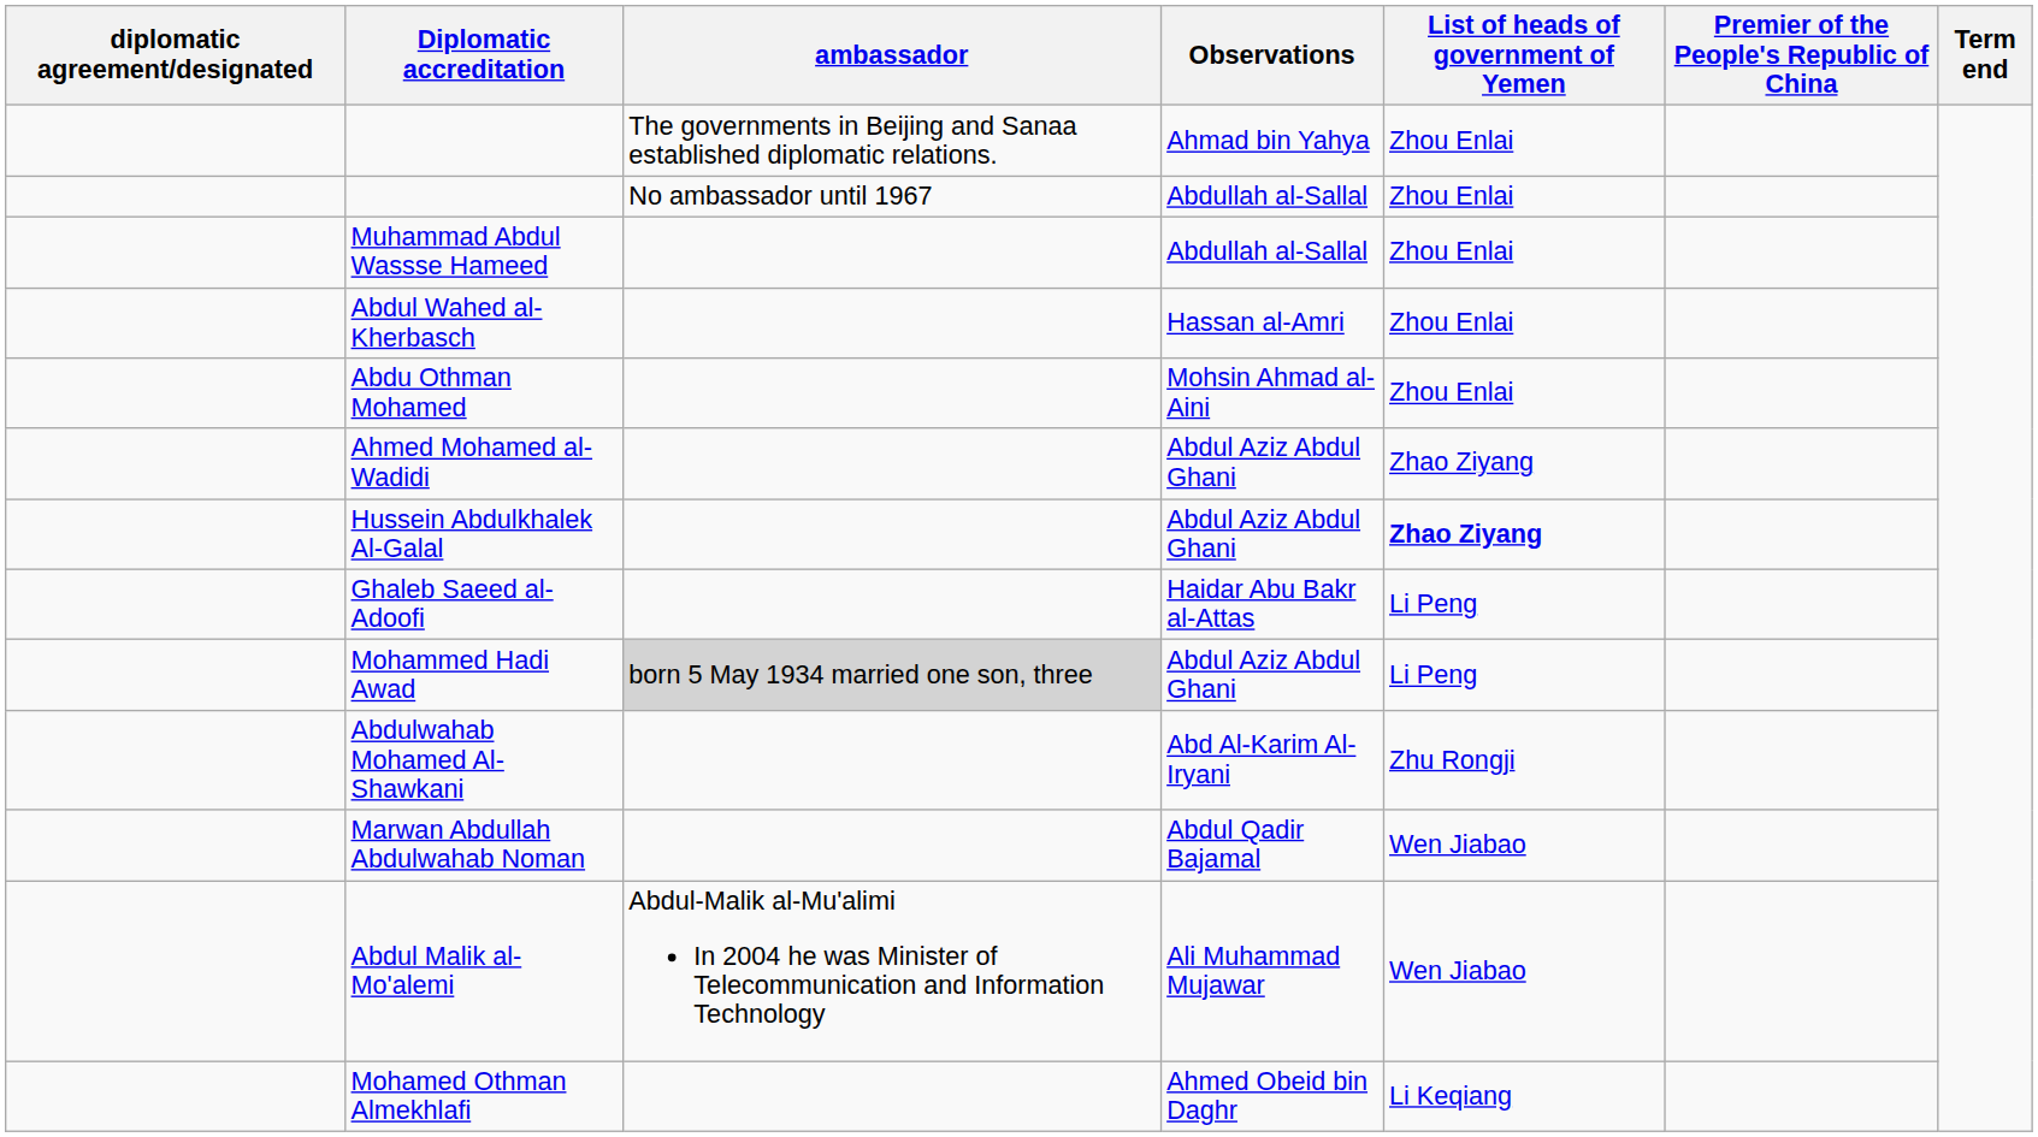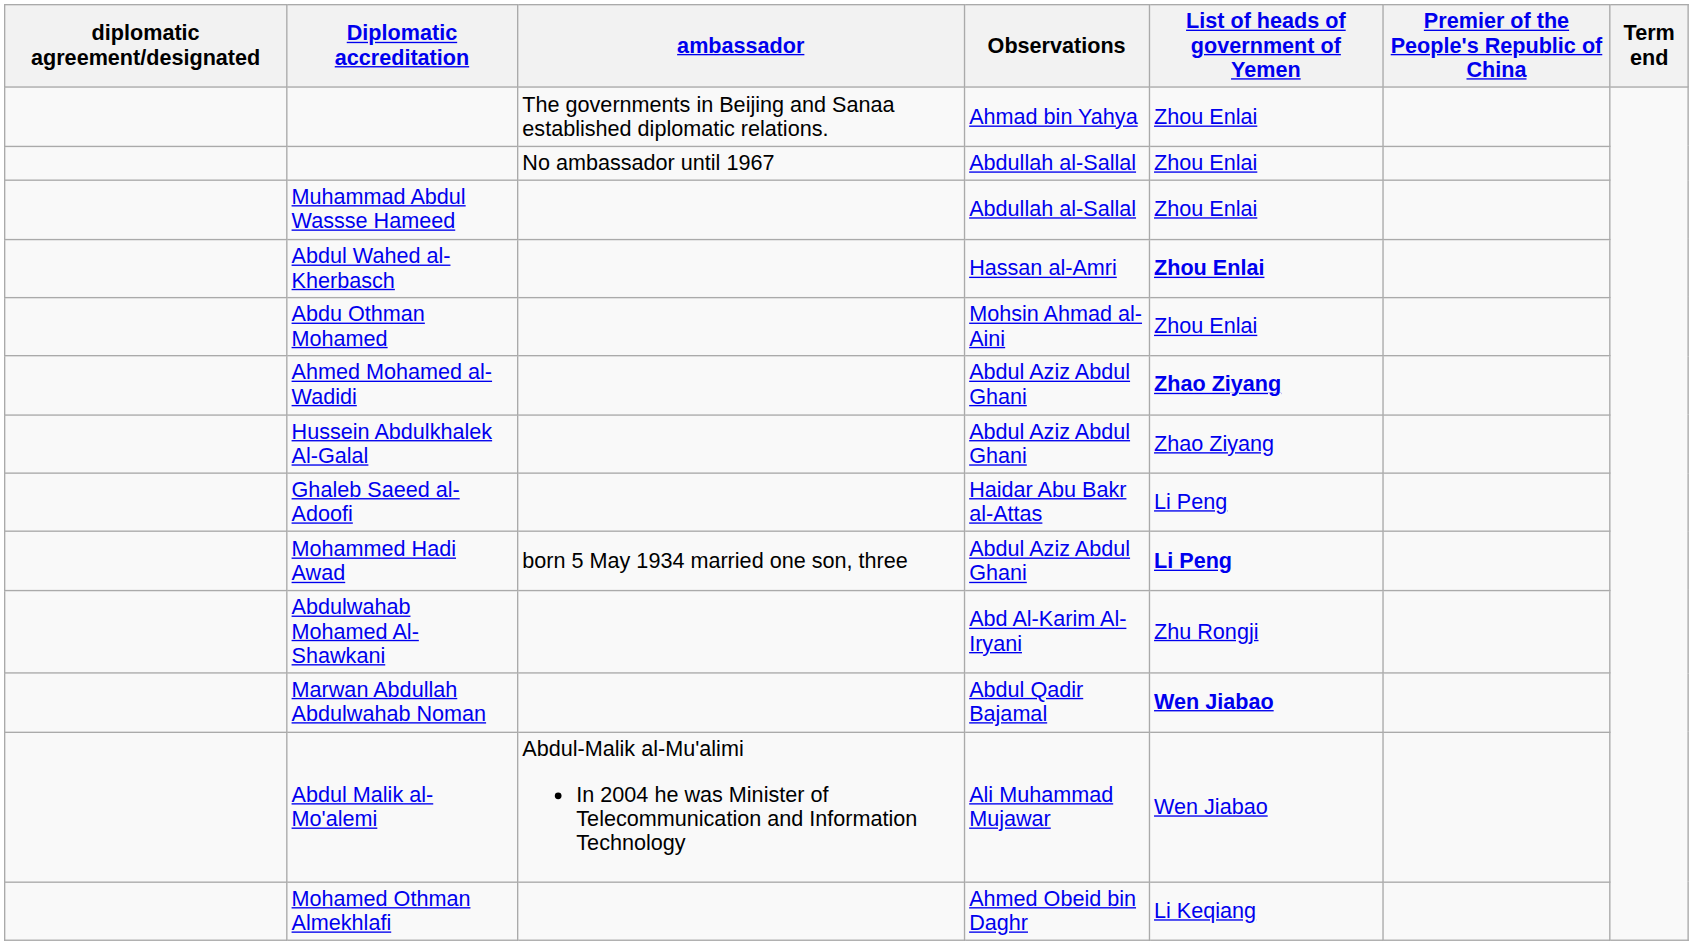 <table class="wikitable sortable">
 <tr>
 <th>diplomatic agreement/designated</th>
 <th><a href='#'>Diplomatic accreditation</a></th>
 <th><a href='#'>ambassador</a></th>
 <th>Observations</th>
 <th><a href='#'>List of heads of government of Yemen</a></th>
 <th><a href='#'>Premier of the People's Republic of China</a></th>
 <th>Term end</th>
 </tr>
 <tr>
 <td></td>
 <td></td>
 <td>The governments in Beijing and Sanaa established diplomatic relations.</td>
 <td><a href='#'>Ahmad bin Yahya</a></td>
 <td><a href='#'>Zhou Enlai</a></td>
 <td></td>
 </tr>
 <tr>
 <td></td>
 <td></td>
 <td>No ambassador until 1967</td>
 <td><a href='#'>Abdullah al-Sallal</a></td>
 <td><a href='#'>Zhou Enlai</a></td>
 <td></td>
 </tr>
 <tr>
 <td></td>
 <td><a href='#'>Muhammad Abdul Wassse Hameed</a></td>
 <td></td>
 <td><a href='#'>Abdullah al-Sallal</a></td>
 <td><a href='#'>Zhou Enlai</a></td>
 <td></td>
 </tr>
 <tr>
 <td></td>
 <td><a href='#'>Abdul Wahed al-Kherbasch</a></td>
 <td></td>
 <td><a href='#'>Hassan al-Amri</a></td>
-<td><a href='#'>Zhou Enlai</a></td>
+<td><strong><a href='#'>Zhou Enlai</a></strong></td>
 <td></td>
 </tr>
 <tr>
 <td></td>
 <td><a href='#'>Abdu Othman Mohamed</a></td>
 <td></td>
 <td><a href='#'>Mohsin Ahmad al-Aini</a></td>
 <td><a href='#'>Zhou Enlai</a></td>
 <td></td>
 </tr>
 <tr>
 <td></td>
 <td><a href='#'>Ahmed Mohamed al-Wadidi</a></td>
 <td></td>
 <td><a href='#'>Abdul Aziz Abdul Ghani</a></td>
-<td><a href='#'>Zhao Ziyang</a></td>
+<td><strong><a href='#'>Zhao Ziyang</a></strong></td>
 <td></td>
 </tr>
 <tr>
 <td></td>
 <td><a href='#'>Hussein Abdulkhalek Al-Galal</a></td>
 <td></td>
 <td><a href='#'>Abdul Aziz Abdul Ghani</a></td>
-<td><strong><a href='#'>Zhao Ziyang</a></strong></td>
+<td><a href='#'>Zhao Ziyang</a></td>
 <td></td>
 </tr>
 <tr>
 <td></td>
 <td><a href='#'>Ghaleb Saeed al-Adoofi</a></td>
 <td></td>
 <td><a href='#'>Haidar Abu Bakr al-Attas</a></td>
 <td><a href='#'>Li Peng</a></td>
 <td></td>
 </tr>
 <tr>
 <td></td>
 <td><a href='#'>Mohammed Hadi Awad</a></td>
-<td style="background: lightgrey;">born 5 May 1934  married  one son, three</td>
+<td>born 5 May 1934  married  one son, three</td>
 <td><a href='#'>Abdul Aziz Abdul Ghani</a></td>
-<td><a href='#'>Li Peng</a></td>
+<td><strong><a href='#'>Li Peng</a></strong></td>
 <td></td>
 </tr>
 <tr>
 <td></td>
 <td><a href='#'>Abdulwahab Mohamed Al-Shawkani</a></td>
 <td></td>
 <td><a href='#'>Abd Al-Karim Al-Iryani</a></td>
 <td><a href='#'>Zhu Rongji</a></td>
 <td></td>
 </tr>
 <tr>
 <td></td>
 <td><a href='#'>Marwan Abdullah Abdulwahab Noman</a></td>
 <td></td>
 <td><a href='#'>Abdul Qadir Bajamal</a></td>
-<td><a href='#'>Wen Jiabao</a></td>
+<td><strong><a href='#'>Wen Jiabao</a></strong></td>
 <td></td>
 </tr>
 <tr>
 <td></td>
 <td><a href='#'>Abdul Malik al-Mo'alemi</a></td>
 <td>Abdul-Malik al-Mu'alimi<br><ul><li>In 2004 he was Minister of Telecommunication and Information Technology</li></ul></td>
 <td><a href='#'>Ali Muhammad Mujawar</a></td>
 <td><a href='#'>Wen Jiabao</a></td>
 <td></td>
 </tr>
 <tr>
 <td></td>
 <td><a href='#'>Mohamed Othman Almekhlafi</a></td>
 <td></td>
 <td><a href='#'>Ahmed Obeid bin Daghr</a></td>
 <td><a href='#'>Li Keqiang</a></td>
 <td></td>
 </tr>
 </table>
